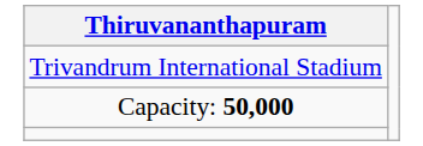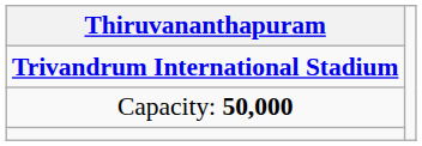 <table class="wikitable" style="margin:1em auto; text-align:center">
 <tr>
 <th><a href='#'>Thiruvananthapuram</a></th>
 <td rowspan="4"></td>
 </tr>
 <tr>
-<td><a href='#'>Trivandrum International Stadium</a></td>
+<td><strong><a href='#'>Trivandrum International Stadium</a></strong></td>
 </tr>
 <tr>
 <td>Capacity: <strong>50,000</strong></td>
 </tr>
 <tr>
 <td></td>
 </tr>
 </table>
